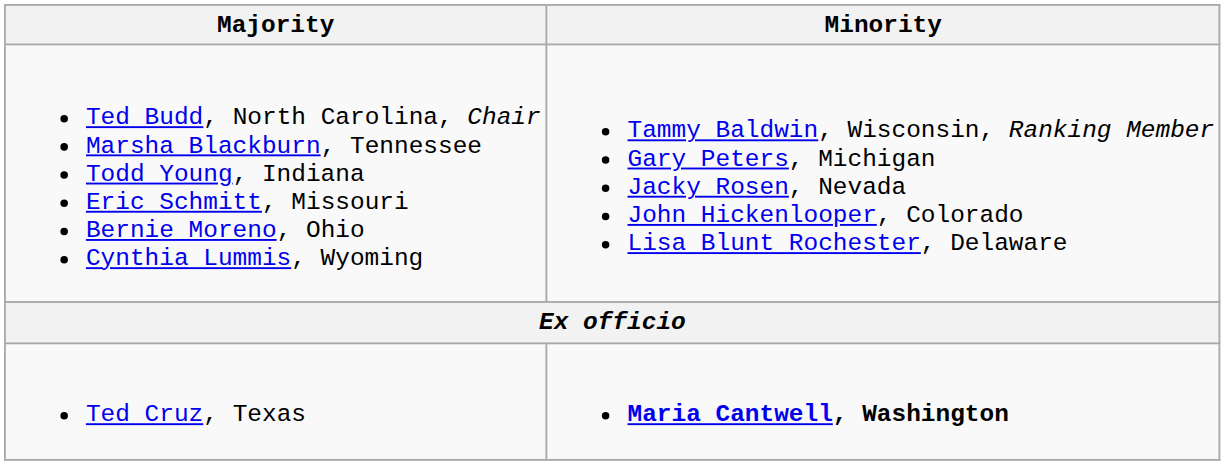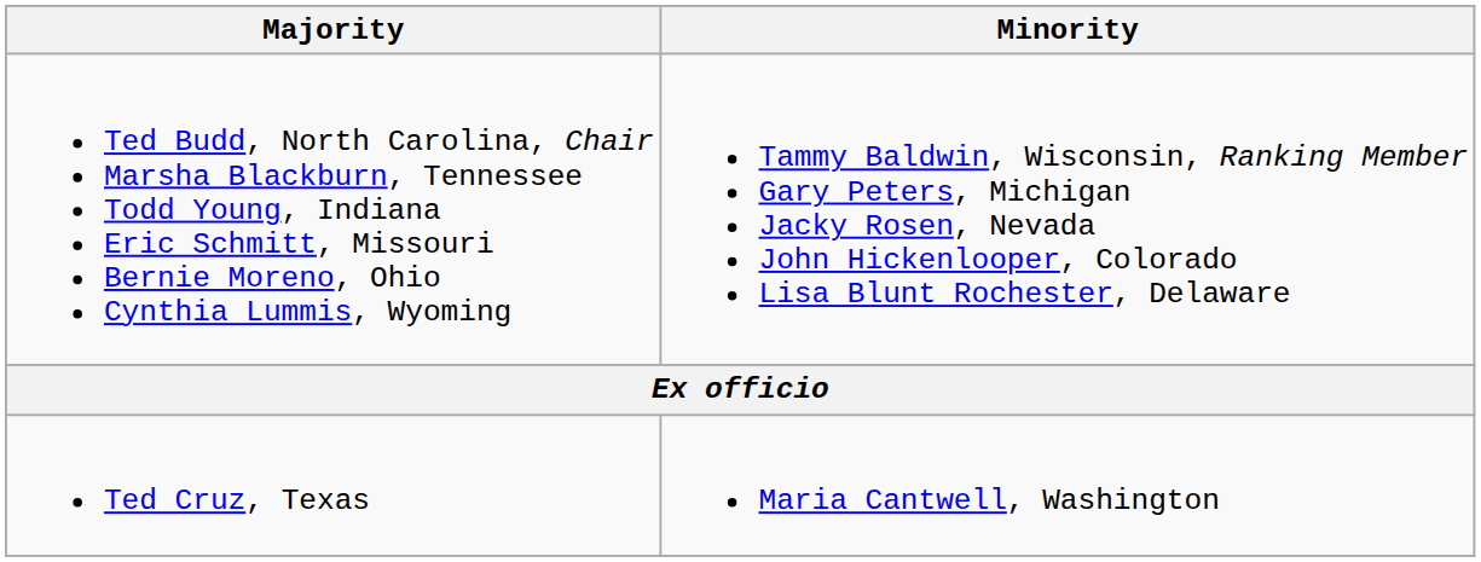 <table class=wikitable>
 <tr>
 <th>Majority</th>
 <th>Minority</th>
 </tr>
 <tr>
 <td><br><ul><li><a href='#'>Ted Budd</a>, North Carolina, <em>Chair</em></li><li><a href='#'>Marsha Blackburn</a>, Tennessee</li><li><a href='#'>Todd Young</a>, Indiana</li><li><a href='#'>Eric Schmitt</a>, Missouri</li><li><a href='#'>Bernie Moreno</a>, Ohio</li><li><a href='#'>Cynthia Lummis</a>, Wyoming</li></ul></td>
 <td><br><ul><li><a href='#'>Tammy Baldwin</a>, Wisconsin, <em>Ranking Member</em></li><li><a href='#'>Gary Peters</a>, Michigan</li><li><a href='#'>Jacky Rosen</a>, Nevada</li><li><a href='#'>John Hickenlooper</a>, Colorado</li><li><a href='#'>Lisa Blunt Rochester</a>, Delaware</li></ul></td>
 </tr>
 <tr>
 <th colspan=2><em>Ex officio</em></th>
 </tr>
 <tr>
 <td><br><ul><li><a href='#'>Ted Cruz</a>, Texas</li></ul></td>
-<td><strong><br><ul><li><a href='#'>Maria Cantwell</a>, Washington</li></ul></strong></td>
+<td><br><ul><li><a href='#'>Maria Cantwell</a>, Washington</li></ul></td>
 </tr>
 </table>
